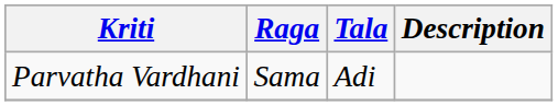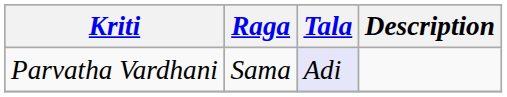 <table class="wikitable">
 <tr>
 <th><em><a href='#'>Kriti</a></em></th>
 <th><em><a href='#'>Raga</a></em></th>
 <th><em><a href='#'>Tala</a></em></th>
 <th><em>Description</em></th>
 </tr>
 <tr>
 <td><em>Parvatha Vardhani</em></td>
 <td><em>Sama</em></td>
-<td><em>Adi</em></td>
+<td style="background: lavender;"><em>Adi</em></td>
 <td></td>
 </tr>
 <tr>
 </tr>
 </table>
